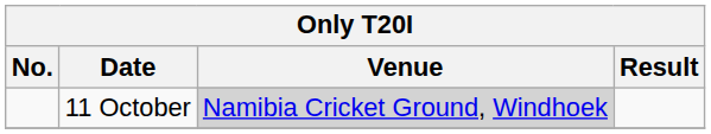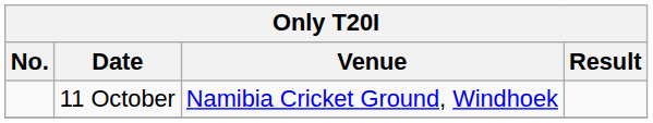 <table class="wikitable">
 <tr>
 <th colspan="4">Only T20I</th>
 </tr>
 <tr>
 <th>No.</th>
 <th>Date</th>
 <th>Venue</th>
 <th>Result</th>
 </tr>
 <tr>
 <td></td>
 <td>11 October</td>
-<td style="background: lightgrey;"><a href='#'>Namibia Cricket Ground</a>, <a href='#'>Windhoek</a></td>
+<td><a href='#'>Namibia Cricket Ground</a>, <a href='#'>Windhoek</a></td>
 <td></td>
 </tr>
 <tr>
 </tr>
 </table>
